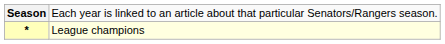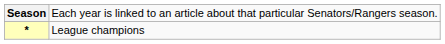 <table class="wikitable plainrowheaders" style="font-size:85%">
 <tr>
 <th scope="row" style="text-align:center"><strong>Season</strong></th>
 <td>Each year is linked to an article about that particular Senators/Rangers season.</td>
 </tr>
 <tr>
 <th scope="row" col width="30px" style="text-align:center; background-color:#FFFFBB">*</th>
-<td style="background: lightyellow;">League champions</td>
+<td>League champions</td>
 </tr>
 </table>
